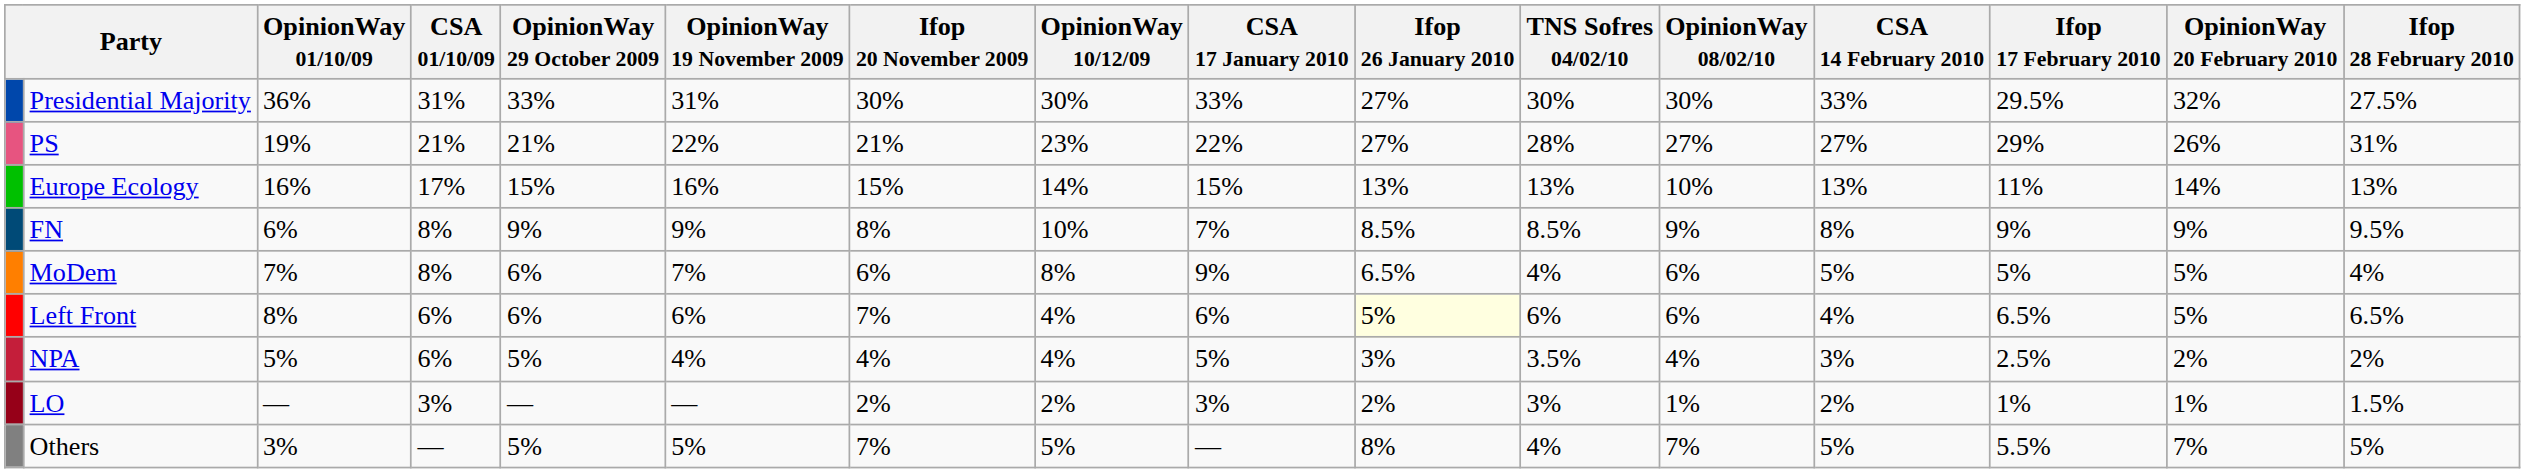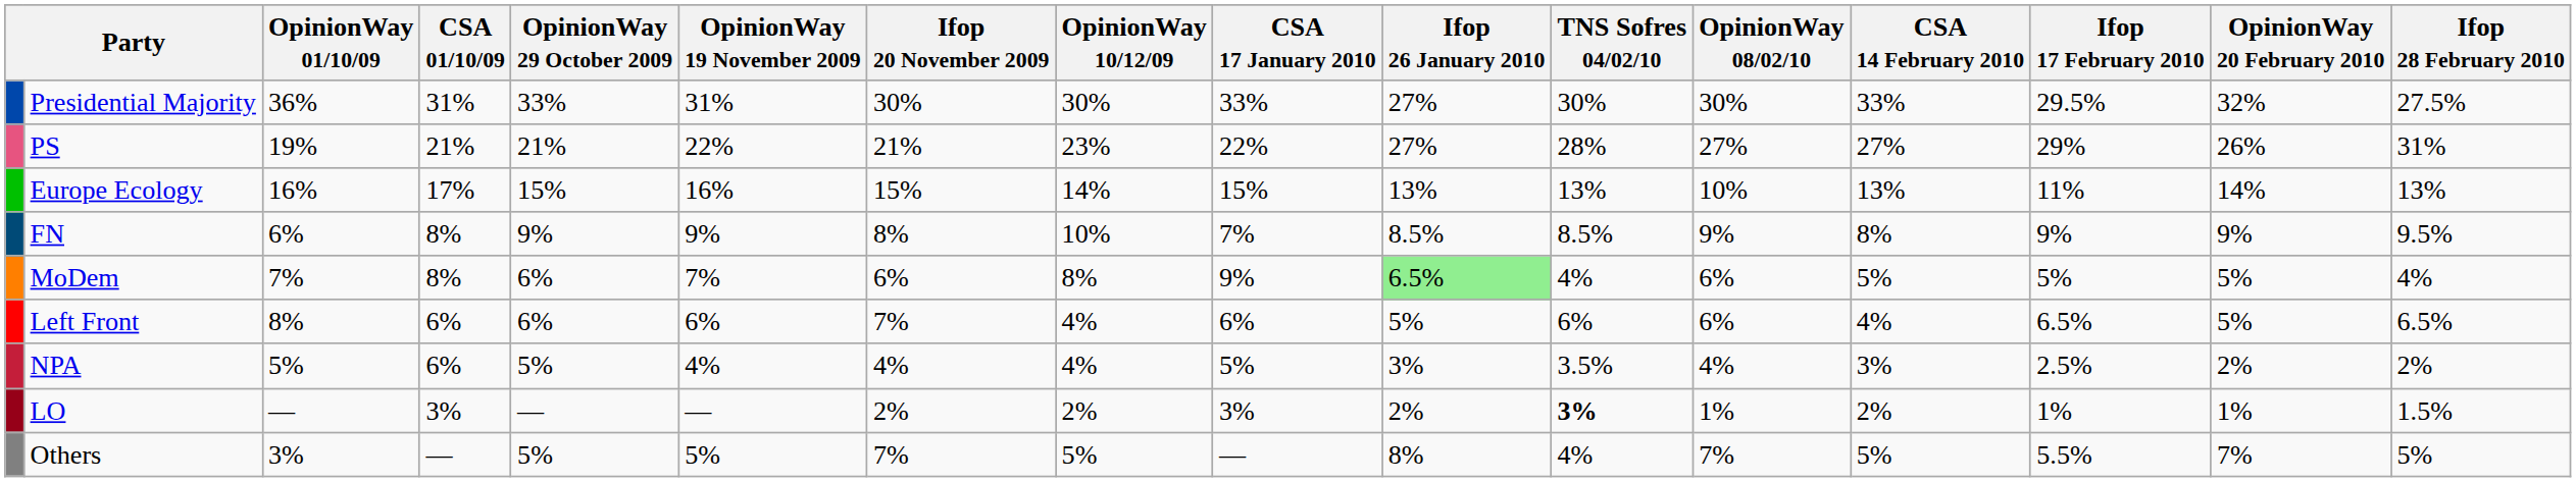 <table class="wikitable" style="font-size: 95%">
 <tr>
 <th colspan=2>Party</th>
 <th>OpinionWay<br><small>01/10/09</small></th>
 <th>CSA<br><small>01/10/09</small></th>
 <th>OpinionWay<br><small>29 October 2009</small></th>
 <th>OpinionWay<br><small>19 November 2009</small></th>
 <th>Ifop<br><small>20 November 2009</small></th>
 <th>OpinionWay<br><small>10/12/09</small></th>
 <th>CSA<br><small>17 January 2010</small></th>
 <th>Ifop<br><small>26 January 2010</small></th>
 <th>TNS Sofres<br><small>04/02/10</small></th>
 <th>OpinionWay<br><small>08/02/10</small></th>
 <th>CSA<br><small>14 February 2010</small></th>
 <th>Ifop<br><small>17 February 2010</small></th>
 <th>OpinionWay<br><small>20 February 2010</small></th>
 <th>Ifop<br><small>28 February 2010</small></th>
 </tr>
 <tr>
 <td bgcolor="#0047AB"> </td>
 <td><a href='#'>Presidential Majority</a></td>
 <td>36%</td>
 <td>31%</td>
 <td>33%</td>
 <td>31%</td>
 <td>30%</td>
 <td>30%</td>
 <td>33%</td>
 <td>27%</td>
 <td>30%</td>
 <td>30%</td>
 <td>33%</td>
 <td>29.5%</td>
 <td>32%</td>
 <td>27.5%</td>
 </tr>
 <tr>
 <td bgcolor="#E75480"> </td>
 <td><a href='#'>PS</a></td>
 <td>19%</td>
 <td>21%</td>
 <td>21%</td>
 <td>22%</td>
 <td>21%</td>
 <td>23%</td>
 <td>22%</td>
 <td>27%</td>
 <td>28%</td>
 <td>27%</td>
 <td>27%</td>
 <td>29%</td>
 <td>26%</td>
 <td>31%</td>
 </tr>
 <tr>
 <td bgcolor="#00c000"> </td>
 <td><a href='#'>Europe Ecology</a></td>
 <td>16%</td>
 <td>17%</td>
 <td>15%</td>
 <td>16%</td>
 <td>15%</td>
 <td>14%</td>
 <td>15%</td>
 <td>13%</td>
 <td>13%</td>
 <td>10%</td>
 <td>13%</td>
 <td>11%</td>
 <td>14%</td>
 <td>13%</td>
 </tr>
 <tr>
 <td bgcolor="#004A77"> </td>
 <td><a href='#'>FN</a></td>
 <td>6%</td>
 <td>8%</td>
 <td>9%</td>
 <td>9%</td>
 <td>8%</td>
 <td>10%</td>
 <td>7%</td>
 <td>8.5%</td>
 <td>8.5%</td>
 <td>9%</td>
 <td>8%</td>
 <td>9%</td>
 <td>9%</td>
 <td>9.5%</td>
 </tr>
 <tr>
 <td bgcolor="#FF7F00"> </td>
 <td><a href='#'>MoDem</a></td>
 <td>7%</td>
 <td>8%</td>
 <td>6%</td>
 <td>7%</td>
 <td>6%</td>
 <td>8%</td>
 <td>9%</td>
-<td>6.5%</td>
+<td style="background: lightgreen;">6.5%</td>
 <td>4%</td>
 <td>6%</td>
 <td>5%</td>
 <td>5%</td>
 <td>5%</td>
 <td>4%</td>
 </tr>
 <tr>
 <td bgcolor="#FF0000"> </td>
 <td><a href='#'>Left Front</a></td>
 <td>8%</td>
 <td>6%</td>
 <td>6%</td>
 <td>6%</td>
 <td>7%</td>
 <td>4%</td>
 <td>6%</td>
-<td style="background: lightyellow;">5%</td>
+<td>5%</td>
 <td>6%</td>
 <td>6%</td>
 <td>4%</td>
 <td>6.5%</td>
 <td>5%</td>
 <td>6.5%</td>
 </tr>
 <tr>
 <td bgcolor="#C41E3A"> </td>
 <td><a href='#'>NPA</a></td>
 <td>5%</td>
 <td>6%</td>
 <td>5%</td>
 <td>4%</td>
 <td>4%</td>
 <td>4%</td>
 <td>5%</td>
 <td>3%</td>
 <td>3.5%</td>
 <td>4%</td>
 <td>3%</td>
 <td>2.5%</td>
 <td>2%</td>
 <td>2%</td>
 </tr>
 <tr>
 <td bgcolor="#960018"> </td>
 <td><a href='#'>LO</a></td>
 <td>—</td>
 <td>3%</td>
 <td>—</td>
 <td>—</td>
 <td>2%</td>
 <td>2%</td>
 <td>3%</td>
 <td>2%</td>
-<td>3%</td>
+<td><strong>3%</strong></td>
 <td>1%</td>
 <td>2%</td>
 <td>1%</td>
 <td>1%</td>
 <td>1.5%</td>
 </tr>
 <tr>
 <td bgcolor=gray> </td>
 <td>Others</td>
 <td>3%</td>
 <td>—</td>
 <td>5%</td>
 <td>5%</td>
 <td>7%</td>
 <td>5%</td>
 <td>—</td>
 <td>8%</td>
 <td>4%</td>
 <td>7%</td>
 <td>5%</td>
 <td>5.5%</td>
 <td>7%</td>
 <td>5%</td>
 </tr>
 </table>
